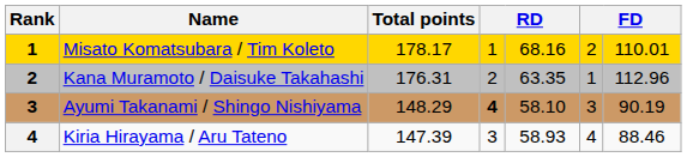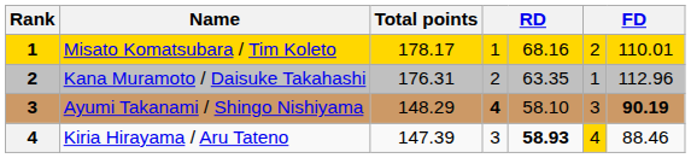 <table class="wikitable sortable">
 <tr>
 <th>Rank</th>
 <th>Name</th>
 <th>Total points</th>
 <th colspan="2" width="80px"><a href='#'>RD</a></th>
 <th colspan="2" width="80px"><a href='#'>FD</a></th>
 </tr>
 <tr bgcolor="gold">
 <td align="center"><strong>1</strong></td>
 <td><a href='#'>Misato Komatsubara</a> / <a href='#'>Tim Koleto</a></td>
 <td align="center">178.17</td>
 <td align="center">1</td>
 <td align="center">68.16</td>
 <td align="center">2</td>
 <td align="center">110.01</td>
 </tr>
 <tr bgcolor="silver">
 <td align="center"><strong>2</strong></td>
 <td><a href='#'>Kana Muramoto</a> / <a href='#'>Daisuke Takahashi</a></td>
 <td align="center">176.31</td>
 <td align="center">2</td>
 <td align="center">63.35</td>
 <td align="center">1</td>
 <td align="center">112.96</td>
 </tr>
 <tr bgcolor="cc9966">
 <td align="center"><strong>3</strong></td>
 <td><a href='#'>Ayumi Takanami</a> / <a href='#'>Shingo Nishiyama</a></td>
 <td align="center">148.29</td>
 <td align="center"><strong>4</strong></td>
 <td align="center">58.10</td>
 <td align="center">3</td>
-<td align="center">90.19</td>
+<td align="center"><strong>90.19</strong></td>
 </tr>
 <tr>
 <th>4</th>
 <td><a href='#'>Kiria Hirayama</a> / <a href='#'>Aru Tateno</a></td>
 <td align="center">147.39</td>
 <td align="center">3</td>
-<td align="center">58.93</td>
-<td align="center">4</td>
+<td align="center"><strong>58.93</strong></td>
+<td align="center" style="background: gold;">4</td>
 <td align="center">88.46</td>
 </tr>
 </table>
